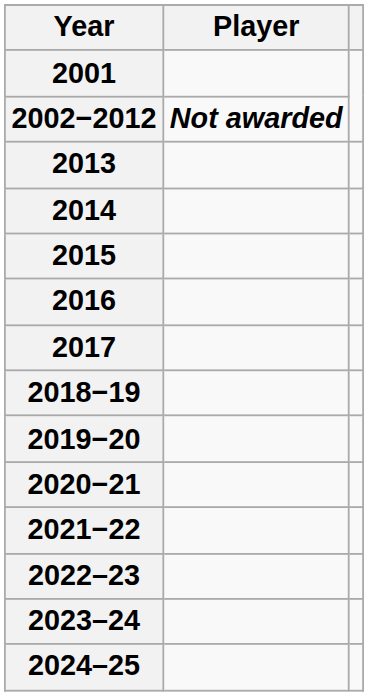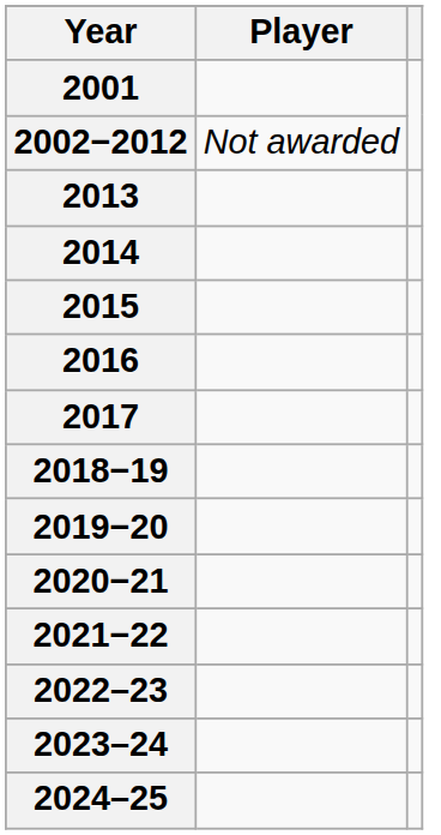 <table class="wikitable sortable" style="text-align:center">
 <tr>
 </tr>
 <tr>
 <th scope="col">Year</th>
 <th scope="col">Player</th>
 <th scope="col" class=unsortable></th>
 </tr>
 <tr>
 <th scope=row>2001</th>
 <td></td>
 <td rowspan="2"></td>
 </tr>
 <tr>
 <th scope=row>2002−2012</th>
-<td><strong><em>Not awarded</em></strong></td>
+<td><em>Not awarded</em></td>
 </tr>
 <tr>
 <th scope=row>2013</th>
 <td></td>
 <td></td>
 </tr>
 <tr>
 <th scope=row>2014</th>
 <td></td>
 <td></td>
 </tr>
 <tr>
 <th scope=row>2015</th>
 <td></td>
 <td></td>
 </tr>
 <tr>
 <th scope=row>2016</th>
 <td></td>
 <td></td>
 </tr>
 <tr>
 <th scope=row>2017</th>
 <td></td>
 <td></td>
 </tr>
 <tr>
 <th scope=row>2018−19</th>
 <td></td>
 <td></td>
 </tr>
 <tr>
 <th scope=row>2019−20</th>
 <td></td>
 <td></td>
 </tr>
 <tr>
 <th scope=row>2020−21</th>
 <td></td>
 <td></td>
 </tr>
 <tr>
 <th scope=row>2021−22</th>
 <td></td>
 <td></td>
 </tr>
 <tr>
 <th scope=row>2022–23</th>
 <td></td>
 <td></td>
 </tr>
 <tr>
 <th scope=row>2023–24</th>
 <td></td>
 <td></td>
 </tr>
 <tr>
 <th scope=row>2024–25</th>
 <td></td>
 <td></td>
 </tr>
 </table>
